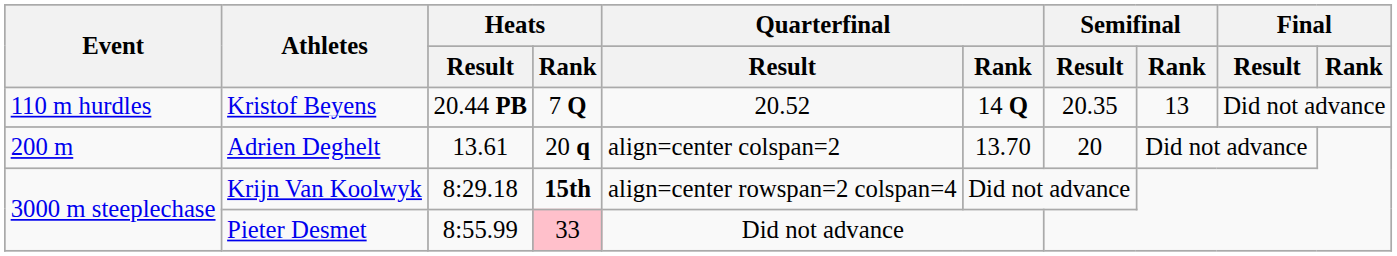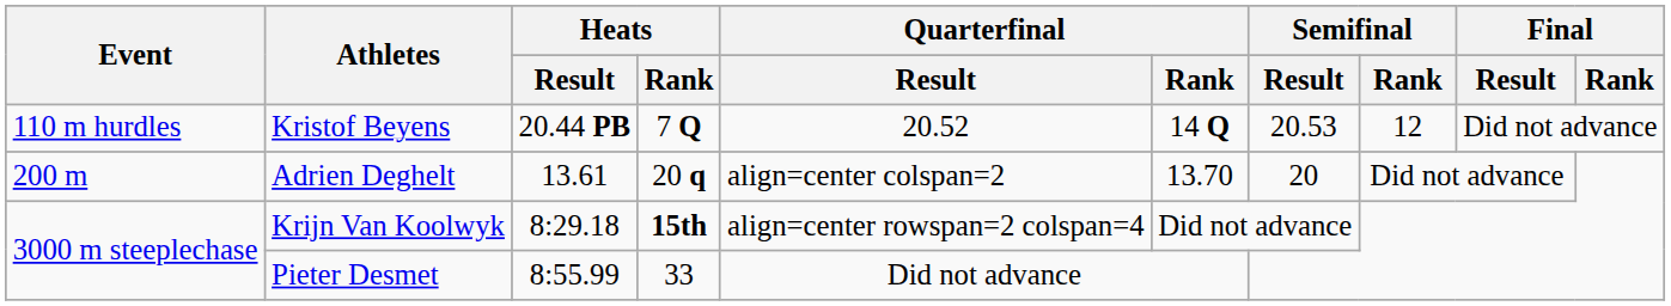 <table class="wikitable" border="1" style="font-size:90%">
 <tr>
 <th rowspan="2">Event</th>
 <th rowspan="2">Athletes</th>
 <th colspan="2">Heats</th>
 <th colspan="2">Quarterfinal</th>
 <th colspan="2">Semifinal</th>
 <th colspan="2">Final</th>
 </tr>
 <tr>
 <th>Result</th>
 <th>Rank</th>
 <th>Result</th>
 <th>Rank</th>
 <th>Result</th>
 <th>Rank</th>
 <th>Result</th>
 <th>Rank</th>
 </tr>
 <tr>
 <td><a href='#'>110 m hurdles</a></td>
 <td><a href='#'>Kristof Beyens</a></td>
 <td align=center>20.44 <strong>PB</strong></td>
 <td align=center>7 <strong>Q</strong></td>
 <td align=center>20.52</td>
 <td align=center>14 <strong>Q</strong></td>
-<td align=center>20.35</td>
-<td align=center>13</td>
+<td align=center>20.53</td>
+<td align=center>12</td>
 <td align=center colspan=2>Did not advance</td>
 </tr>
 <tr>
 <td><a href='#'>200 m</a></td>
 <td><a href='#'>Adrien Deghelt</a></td>
 <td align=center>13.61</td>
 <td align=center>20 <strong>q</strong></td>
 <td>align=center colspan=2  </td>
 <td align=center>13.70</td>
 <td align=center>20</td>
 <td align=center colspan=2>Did not advance</td>
 </tr>
 <tr>
 <td rowspan=2><a href='#'>3000 m steeplechase</a></td>
 <td><a href='#'>Krijn Van Koolwyk</a></td>
 <td align=center>8:29.18</td>
 <td align=center><strong>15th</strong></td>
 <td>align=center rowspan=2 colspan=4  </td>
 <td align=center colspan=2>Did not advance</td>
 </tr>
 <tr>
 <td><a href='#'>Pieter Desmet</a></td>
 <td align=center>8:55.99</td>
-<td align=center style="background: pink;">33</td>
+<td align=center>33</td>
 <td align=center colspan=2>Did not advance</td>
 </tr>
 </table>
